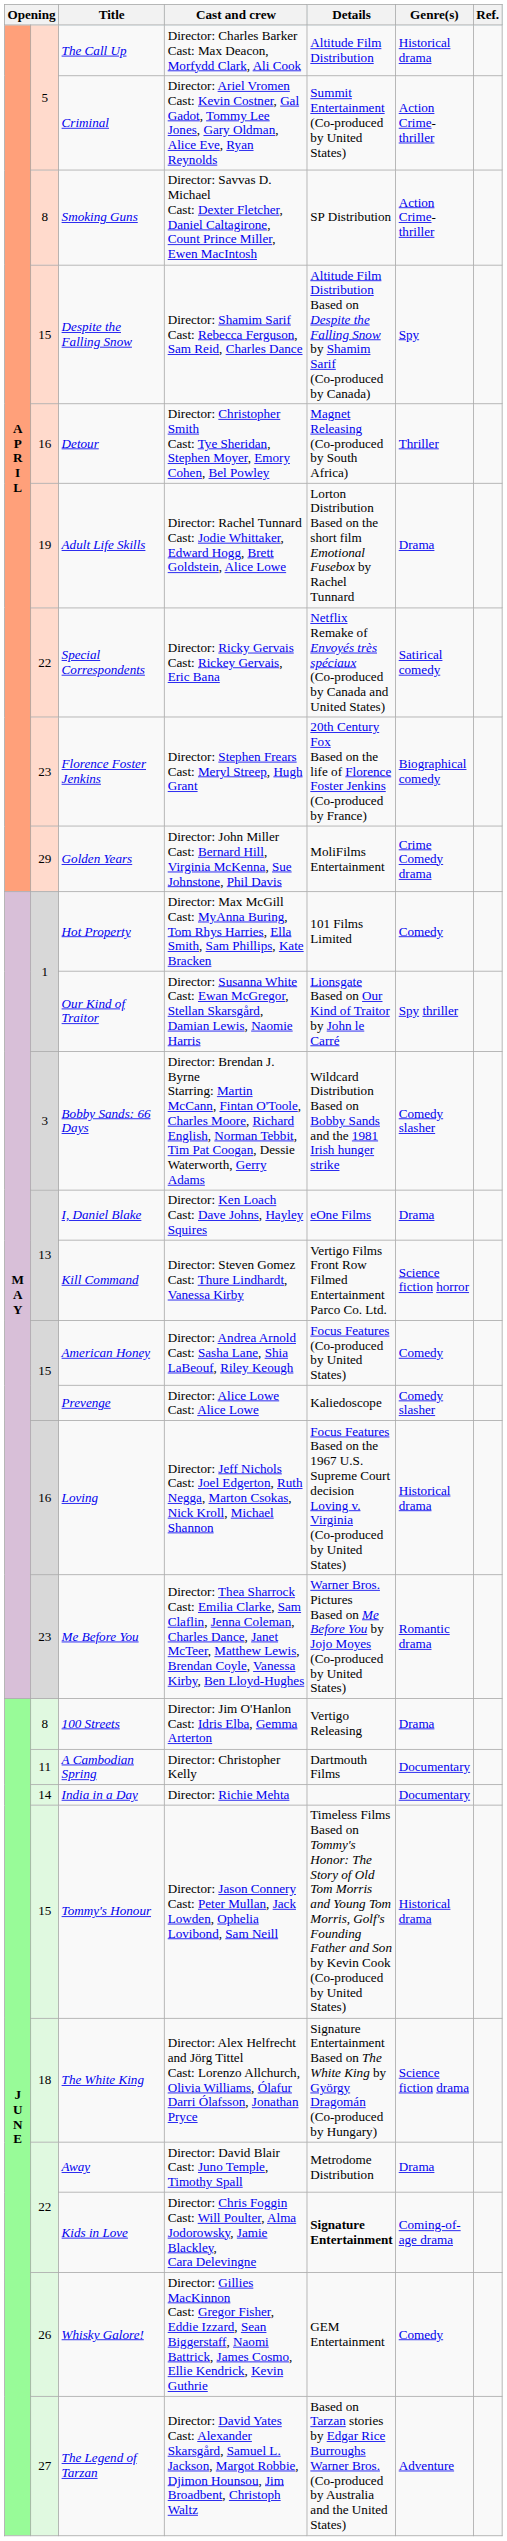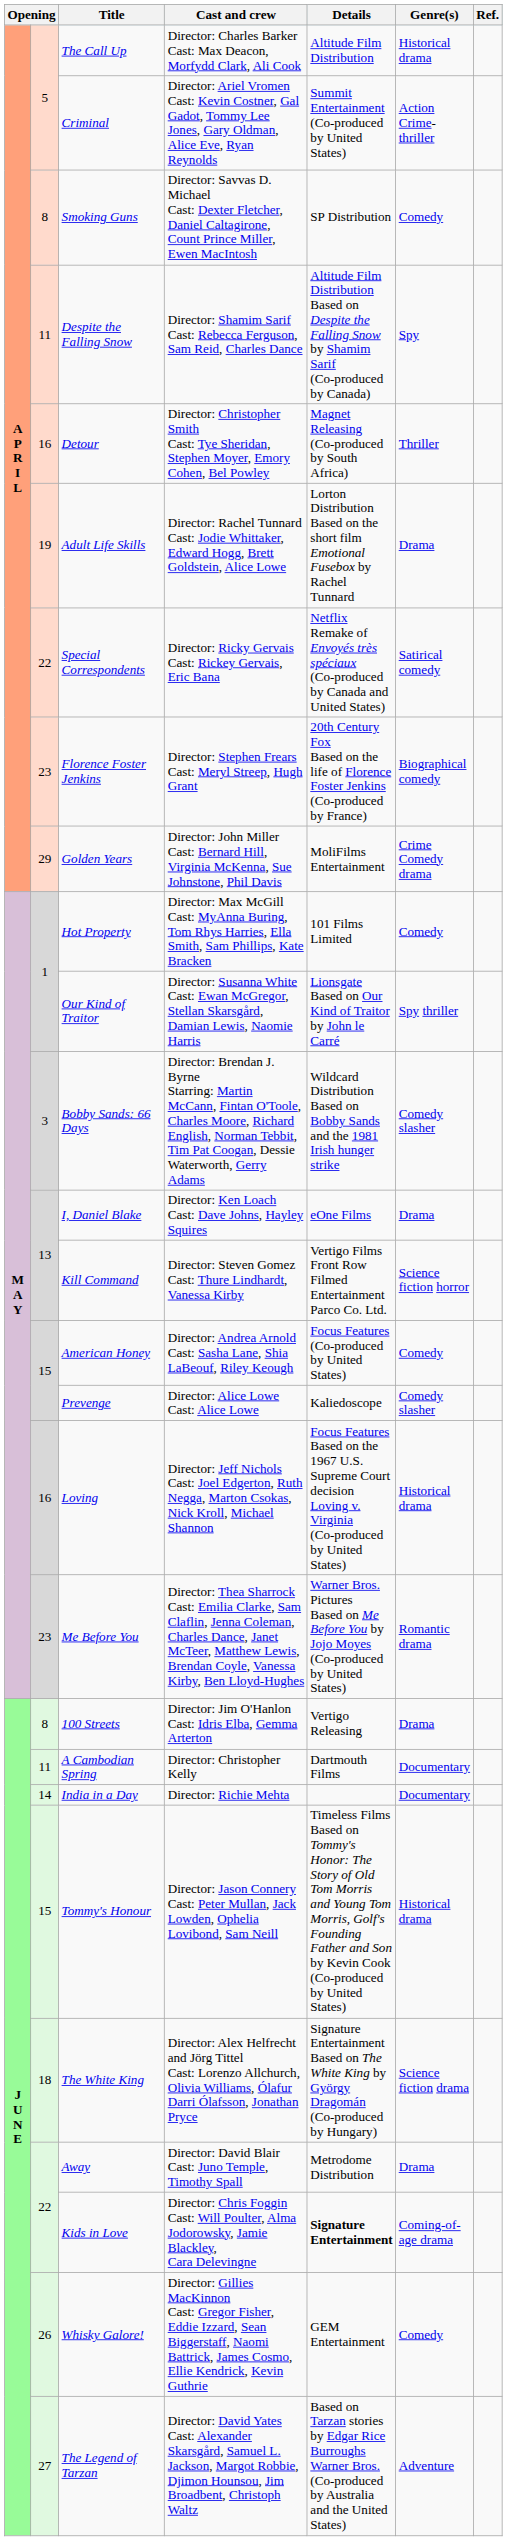 <table class="wikitable">
 <tr style="background:#b0e0e6; text-align:center;">
 <th colspan="2">Opening</th>
 <th style="width:24%;">Title</th>
 <th style="width:40%;">Cast and crew</th>
 <th>Details</th>
 <th style="width:10%;">Genre(s)</th>
 <th style="width:2%;">Ref.</th>
 </tr>
 <tr>
 <th rowspan="9" style="text-align:center; background:#ffa07a; textcolor:#000;">A<br>P<br>R<br>I<br>L</th>
 <td rowspan="2" style="text-align:center; background:#ffdacc;">5</td>
 <td><em><a href='#'>The Call Up</a></em></td>
 <td>Director: Charles Barker <br> Cast: Max Deacon, <a href='#'>Morfydd Clark</a>, <a href='#'>Ali Cook</a></td>
 <td><a href='#'>Altitude Film Distribution</a></td>
 <td><a href='#'>Historical</a> <a href='#'>drama</a></td>
 <td style="text-align:center"></td>
 </tr>
 <tr>
 <td><em><a href='#'>Criminal</a></em></td>
 <td>Director: <a href='#'>Ariel Vromen</a> <br> Cast: <a href='#'>Kevin Costner</a>, <a href='#'>Gal Gadot</a>, <a href='#'>Tommy Lee Jones</a>, <a href='#'>Gary Oldman</a>, <a href='#'>Alice Eve</a>, <a href='#'>Ryan Reynolds</a></td>
 <td><a href='#'>Summit Entertainment</a> <br> (Co-produced by United States)</td>
 <td><a href='#'>Action</a> <br> <a href='#'>Crime</a>-<a href='#'>thriller</a></td>
 <td style="text-align:center"></td>
 </tr>
 <tr>
 <td rowspan="1" style="text-align:center; background:#ffdacc;">8</td>
 <td><em><a href='#'>Smoking Guns</a></em></td>
 <td>Director: Savvas D. Michael <br> Cast: <a href='#'>Dexter Fletcher</a>, <a href='#'>Daniel Caltagirone</a>, <a href='#'>Count Prince Miller</a>, <a href='#'>Ewen MacIntosh</a></td>
 <td>SP Distribution</td>
-<td><a href='#'>Action</a> <br> <a href='#'>Crime</a>-<a href='#'>thriller</a></td>
+<td><a href='#'>Comedy</a></td>
 <td style="text-align:center"></td>
 </tr>
 <tr>
-<td rowspan="1" style="text-align:center; background:#ffdacc;">15</td>
+<td rowspan="1" style="text-align:center; background:#ffdacc;">11</td>
 <td><em><a href='#'>Despite the Falling Snow</a></em></td>
 <td>Director: <a href='#'>Shamim Sarif</a> <br> Cast: <a href='#'>Rebecca Ferguson</a>, <a href='#'>Sam Reid</a>, <a href='#'>Charles Dance</a></td>
 <td><a href='#'>Altitude Film Distribution</a> <br> Based on <em><a href='#'>Despite the Falling Snow</a></em> by <a href='#'>Shamim Sarif</a> <br> (Co-produced by Canada)</td>
 <td><a href='#'>Spy</a></td>
 <td style="text-align:center"></td>
 </tr>
 <tr>
 <td rowspan="1" style="text-align:center; background:#ffdacc;">16</td>
 <td><em><a href='#'>Detour</a></em></td>
 <td>Director: <a href='#'>Christopher Smith</a> <br> Cast: <a href='#'>Tye Sheridan</a>, <a href='#'>Stephen Moyer</a>, <a href='#'>Emory Cohen</a>, <a href='#'>Bel Powley</a></td>
 <td><a href='#'>Magnet Releasing</a> <br> (Co-produced by South Africa)</td>
 <td><a href='#'>Thriller</a></td>
 <td style="text-align:center"></td>
 </tr>
 <tr>
 <td rowspan="1" style="text-align:center; background:#ffdacc;">19</td>
 <td><em><a href='#'>Adult Life Skills</a></em></td>
 <td>Director: Rachel Tunnard <br> Cast: <a href='#'>Jodie Whittaker</a>, <a href='#'>Edward Hogg</a>, <a href='#'>Brett Goldstein</a>, <a href='#'>Alice Lowe</a></td>
 <td>Lorton Distribution <br> Based on the short film <em>Emotional Fusebox</em> by Rachel Tunnard</td>
 <td><a href='#'>Drama</a></td>
 <td style="text-align:center"></td>
 </tr>
 <tr>
 <td rowspan="1" style="text-align:center; background:#ffdacc;">22</td>
 <td><em><a href='#'>Special Correspondents</a></em></td>
 <td>Director: <a href='#'>Ricky Gervais</a> <br> Cast: <a href='#'>Rickey Gervais</a>, <a href='#'>Eric Bana</a></td>
 <td><a href='#'>Netflix</a> <br> Remake of <a href='#'><em>Envoyés très spéciaux</em></a> <br> (Co-produced by Canada and United States)</td>
 <td><a href='#'>Satirical</a> <a href='#'>comedy</a></td>
 <td style="text-align:center"></td>
 </tr>
 <tr>
 <td rowspan="1" style="text-align:center; background:#ffdacc;">23</td>
 <td><em><a href='#'>Florence Foster Jenkins</a></em></td>
 <td>Director: <a href='#'>Stephen Frears</a> <br> Cast: <a href='#'>Meryl Streep</a>, <a href='#'>Hugh Grant</a></td>
 <td><a href='#'>20th Century Fox</a> <br> Based on the life of <a href='#'>Florence Foster Jenkins</a> <br> (Co-produced by France)</td>
 <td><a href='#'>Biographical</a> <a href='#'>comedy</a></td>
 <td style="text-align:center"></td>
 </tr>
 <tr>
 <td rowspan="1" style="text-align:center; background:#ffdacc;">29</td>
 <td><em><a href='#'>Golden Years</a></em></td>
 <td>Director: John Miller <br> Cast: <a href='#'>Bernard Hill</a>, <a href='#'>Virginia McKenna</a>, <a href='#'>Sue Johnstone</a>, <a href='#'>Phil Davis</a></td>
 <td>MoliFilms Entertainment</td>
 <td><a href='#'>Crime</a> <br> <a href='#'>Comedy drama</a></td>
 <td style="text-align:center"></td>
 </tr>
 <tr>
 <th rowspan="9" style="text-align:center; background:thistle; textcolor:#000;">M<br>A<br>Y</th>
 <td rowspan="2" style="text-align:center; background:#d8d8d8;">1</td>
 <td><em><a href='#'>Hot Property</a></em></td>
 <td>Director: Max McGill <br> Cast: <a href='#'>MyAnna Buring</a>, <a href='#'>Tom Rhys Harries</a>, <a href='#'>Ella Smith</a>, <a href='#'>Sam Phillips</a>, <a href='#'>Kate Bracken</a></td>
 <td>101 Films Limited</td>
 <td><a href='#'>Comedy</a></td>
 <td style="text-align:center"></td>
 </tr>
 <tr>
 <td><em><a href='#'>Our Kind of Traitor</a></em></td>
 <td>Director: <a href='#'>Susanna White</a> <br> Cast: <a href='#'>Ewan McGregor</a>, <a href='#'>Stellan Skarsgård</a>, <a href='#'>Damian Lewis</a>, <a href='#'>Naomie Harris</a></td>
 <td><a href='#'>Lionsgate</a> <br> Based on <a href='#'>Our Kind of Traitor</a> by <a href='#'>John le Carré</a></td>
 <td><a href='#'>Spy</a> <a href='#'>thriller</a></td>
 <td style="text-align:center"></td>
 </tr>
 <tr>
 <td rowspan="1" style="text-align:center; background:#d8d8d8;">3</td>
 <td><em><a href='#'>Bobby Sands: 66 Days</a></em></td>
 <td>Director: Brendan J. Byrne <br> Starring: <a href='#'>Martin McCann</a>, <a href='#'>Fintan O'Toole</a>, <a href='#'>Charles Moore</a>, <a href='#'>Richard English</a>, <a href='#'>Norman Tebbit</a>, <a href='#'>Tim Pat Coogan</a>, Dessie Waterworth, <a href='#'>Gerry Adams</a></td>
 <td>Wildcard Distribution <br> Based on <a href='#'>Bobby Sands</a> and the <a href='#'>1981 Irish hunger strike</a></td>
 <td><a href='#'>Comedy</a> <a href='#'>slasher</a></td>
 <td style="text-align:center"></td>
 </tr>
 <tr>
 <td rowspan="2" style="text-align:center; background:#d8d8d8;">13</td>
 <td><em><a href='#'>I, Daniel Blake</a></em></td>
 <td>Director: <a href='#'>Ken Loach</a> <br> Cast: <a href='#'>Dave Johns</a>, <a href='#'>Hayley Squires</a></td>
 <td><a href='#'>eOne Films</a></td>
 <td><a href='#'>Drama</a></td>
 <td style="text-align:center"></td>
 </tr>
 <tr>
 <td><em><a href='#'>Kill Command</a></em></td>
 <td>Director: Steven Gomez <br> Cast: <a href='#'>Thure Lindhardt</a>, <a href='#'>Vanessa Kirby</a></td>
 <td>Vertigo Films<br>Front Row Filmed Entertainment <br> Parco Co. Ltd.</td>
 <td><a href='#'>Science fiction</a> <a href='#'>horror</a></td>
 <td style="text-align:center"></td>
 </tr>
 <tr>
 <td rowspan="2" style="text-align:center; background:#d8d8d8;">15</td>
 <td><em><a href='#'>American Honey</a></em></td>
 <td>Director: <a href='#'>Andrea Arnold</a> <br> Cast: <a href='#'>Sasha Lane</a>, <a href='#'>Shia LaBeouf</a>, <a href='#'>Riley Keough</a></td>
 <td><a href='#'>Focus Features</a> <br> (Co-produced by United States)</td>
 <td><a href='#'>Comedy</a></td>
 <td style="text-align:center"></td>
 </tr>
 <tr>
 <td><em><a href='#'>Prevenge</a></em></td>
 <td>Director: <a href='#'>Alice Lowe</a> <br> Cast: <a href='#'>Alice Lowe</a></td>
 <td>Kaliedoscope</td>
 <td><a href='#'>Comedy</a> <a href='#'>slasher</a></td>
 <td style="text-align:center"></td>
 </tr>
 <tr>
 <td rowspan="1" style="text-align:center; background:#d8d8d8;">16</td>
 <td><em><a href='#'>Loving</a></em></td>
 <td>Director: <a href='#'>Jeff Nichols</a> <br> Cast: <a href='#'>Joel Edgerton</a>, <a href='#'>Ruth Negga</a>, <a href='#'>Marton Csokas</a>, <a href='#'>Nick Kroll</a>, <a href='#'>Michael Shannon</a></td>
 <td><a href='#'>Focus Features</a> <br> Based on the 1967 U.S. Supreme Court decision <a href='#'>Loving v. Virginia</a> <br> (Co-produced by United States)</td>
 <td><a href='#'>Historical drama</a></td>
 <td style="text-align:center"></td>
 </tr>
 <tr>
 <td rowspan="1" style="text-align:center; background:#d8d8d8;">23</td>
 <td><em><a href='#'>Me Before You</a></em></td>
 <td>Director: <a href='#'>Thea Sharrock</a> <br> Cast: <a href='#'>Emilia Clarke</a>, <a href='#'>Sam Claflin</a>, <a href='#'>Jenna Coleman</a>, <a href='#'>Charles Dance</a>, <a href='#'>Janet McTeer</a>, <a href='#'>Matthew Lewis</a>, <a href='#'>Brendan Coyle</a>, <a href='#'>Vanessa Kirby</a>, <a href='#'>Ben Lloyd-Hughes</a></td>
 <td><a href='#'>Warner Bros.</a> Pictures <br> Based on <em><a href='#'>Me Before You</a></em> by <a href='#'>Jojo Moyes</a> <br> (Co-produced by United States)</td>
 <td><a href='#'>Romantic drama</a></td>
 <td style="text-align:center"></td>
 </tr>
 <tr>
 <th rowspan="10" style="text-align:center; background:#98fb98; textcolor:#000;">J<br>U<br>N<br>E</th>
 <td rowspan="1" style="text-align:center; background:#e0f9e0;">8</td>
 <td><em><a href='#'>100 Streets</a></em></td>
 <td>Director: Jim O'Hanlon <br> Cast: <a href='#'>Idris Elba</a>, <a href='#'>Gemma Arterton</a></td>
 <td>Vertigo Releasing</td>
 <td><a href='#'>Drama</a></td>
 <td style="text-align:center"></td>
 </tr>
 <tr>
 <td rowspan="1" style="text-align:center; background:#e0f9e0;">11</td>
 <td><em><a href='#'>A Cambodian Spring</a></em></td>
 <td>Director: Christopher Kelly</td>
 <td>Dartmouth Films</td>
 <td><a href='#'>Documentary</a></td>
 <td style="text-align:center"></td>
 </tr>
 <tr>
 <td rowspan="1" style="text-align:center; background:#e0f9e0;">14</td>
 <td><em><a href='#'>India in a Day</a></em></td>
 <td>Director: <a href='#'>Richie Mehta</a></td>
 <td></td>
 <td><a href='#'>Documentary</a></td>
 <td style="text-align:center"></td>
 </tr>
 <tr>
 <td rowspan="1" style="text-align:center; background:#e0f9e0;">15</td>
 <td><em><a href='#'>Tommy's Honour</a></em></td>
 <td>Director: <a href='#'>Jason Connery</a> <br> Cast: <a href='#'>Peter Mullan</a>, <a href='#'>Jack Lowden</a>, <a href='#'>Ophelia Lovibond</a>, <a href='#'>Sam Neill</a></td>
 <td>Timeless Films <br> Based on <em>Tommy's Honor: The Story of Old Tom Morris and Young Tom Morris, Golf's Founding Father and Son</em> by Kevin Cook <br> (Co-produced by United States)</td>
 <td><a href='#'>Historical</a> <a href='#'>drama</a></td>
 <td style="text-align:center"></td>
 </tr>
 <tr>
 <td rowspan="1" style="text-align:center; background:#e0f9e0;">18</td>
 <td><em><a href='#'>The White King</a></em></td>
 <td>Director: Alex Helfrecht and Jörg Tittel <br> Cast: Lorenzo Allchurch, <a href='#'>Olivia Williams</a>, <a href='#'>Ólafur Darri Ólafsson</a>, <a href='#'>Jonathan Pryce</a></td>
 <td>Signature Entertainment <br> Based on <em>The White King</em> by <a href='#'>György Dragomán</a> <br> (Co-produced by Hungary)</td>
 <td><a href='#'>Science fiction</a> <a href='#'>drama</a></td>
 <td style="text-align:center"></td>
 </tr>
 <tr>
 <td rowspan="2" style="text-align:center; background:#e0f9e0;">22</td>
 <td><em><a href='#'>Away</a></em></td>
 <td>Director: David Blair <br> Cast: <a href='#'>Juno Temple</a>, <a href='#'>Timothy Spall</a></td>
 <td>Metrodome Distribution</td>
 <td><a href='#'>Drama</a></td>
 <td style="text-align:center"></td>
 </tr>
 <tr>
 <td><em><a href='#'>Kids in Love</a></em></td>
 <td>Director: <a href='#'>Chris Foggin</a> <br> Cast: <a href='#'>Will Poulter</a>, <a href='#'>Alma Jodorowsky</a>, <a href='#'>Jamie Blackley</a>, <br> <a href='#'>Cara Delevingne</a></td>
 <td><strong>Signature Entertainment</strong></td>
 <td><a href='#'>Coming-of-age drama</a></td>
 <td style="text-align:center"></td>
 </tr>
 <tr>
 <td rowspan="1" style="text-align:center; background:#e0f9e0;">26</td>
 <td><em><a href='#'>Whisky Galore!</a></em></td>
 <td>Director: <a href='#'>Gillies MacKinnon</a> <br> Cast: <a href='#'>Gregor Fisher</a>, <a href='#'>Eddie Izzard</a>, <a href='#'>Sean Biggerstaff</a>, <a href='#'>Naomi Battrick</a>, <a href='#'>James Cosmo</a>, <a href='#'>Ellie Kendrick</a>, <a href='#'>Kevin Guthrie</a></td>
 <td>GEM Entertainment</td>
 <td><a href='#'>Comedy</a></td>
 <td style="text-align:center"></td>
 </tr>
 <tr>
 <td rowspan="1" style="text-align:center; background:#e0f9e0;">27</td>
 <td><em><a href='#'>The Legend of Tarzan</a></em></td>
 <td>Director: <a href='#'>David Yates</a> <br> Cast: <a href='#'>Alexander Skarsgård</a>, <a href='#'>Samuel L. Jackson</a>, <a href='#'>Margot Robbie</a>, <a href='#'>Djimon Hounsou</a>, <a href='#'>Jim Broadbent</a>, <a href='#'>Christoph Waltz</a></td>
 <td>Based on <a href='#'>Tarzan</a> stories by <a href='#'>Edgar Rice Burroughs</a> <br> <a href='#'>Warner Bros.</a> <br> (Co-produced by Australia and the United States)</td>
 <td><a href='#'>Adventure</a></td>
 <td style="text-align:center"></td>
 </tr>
 </table>
